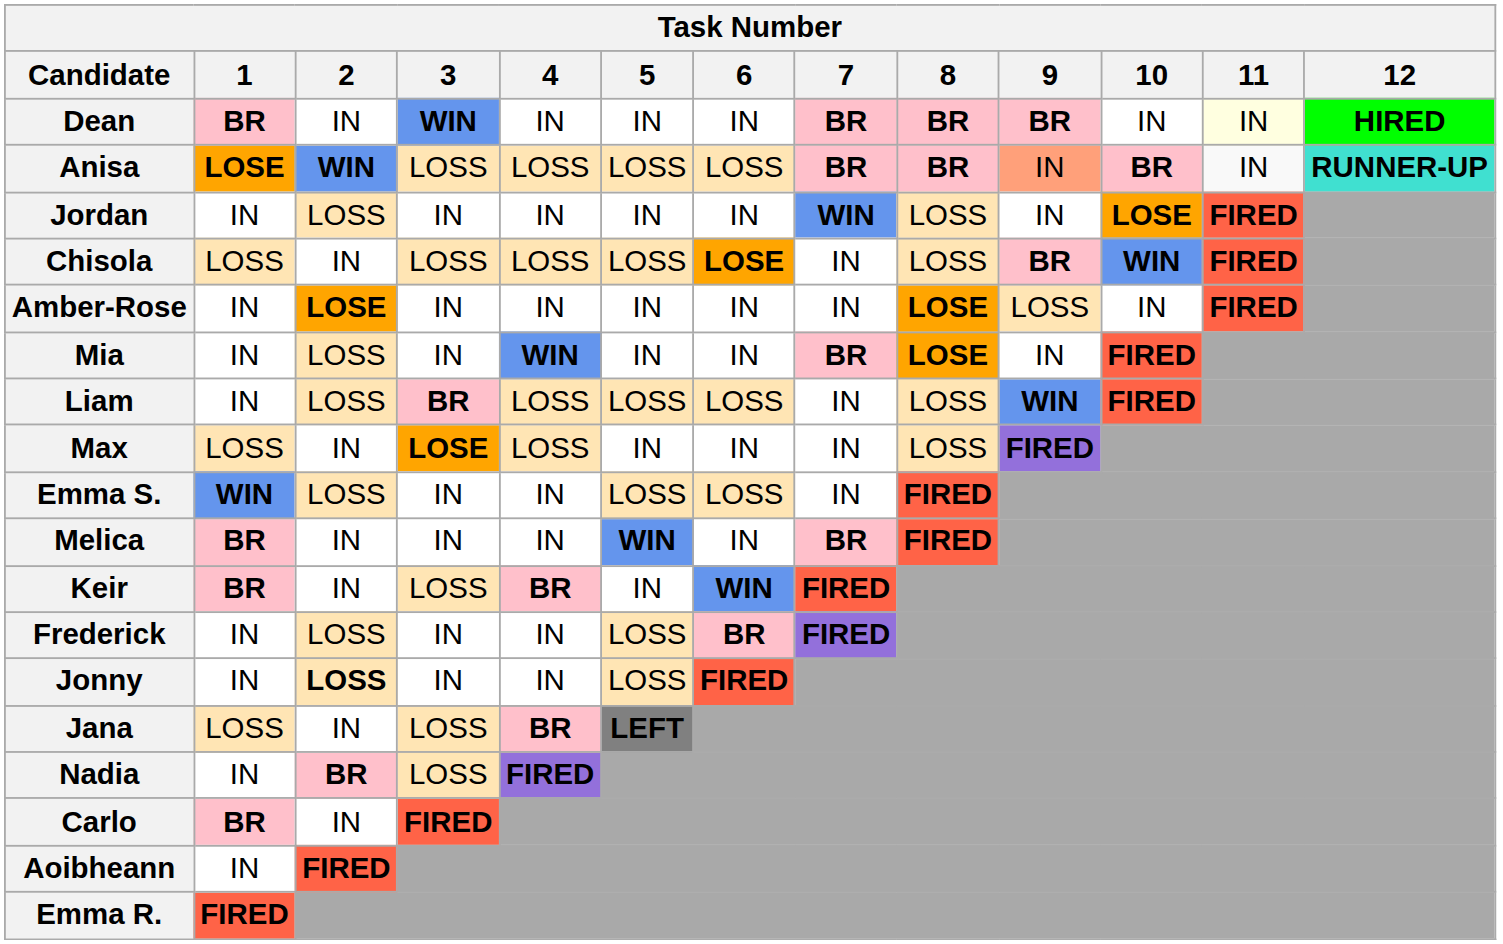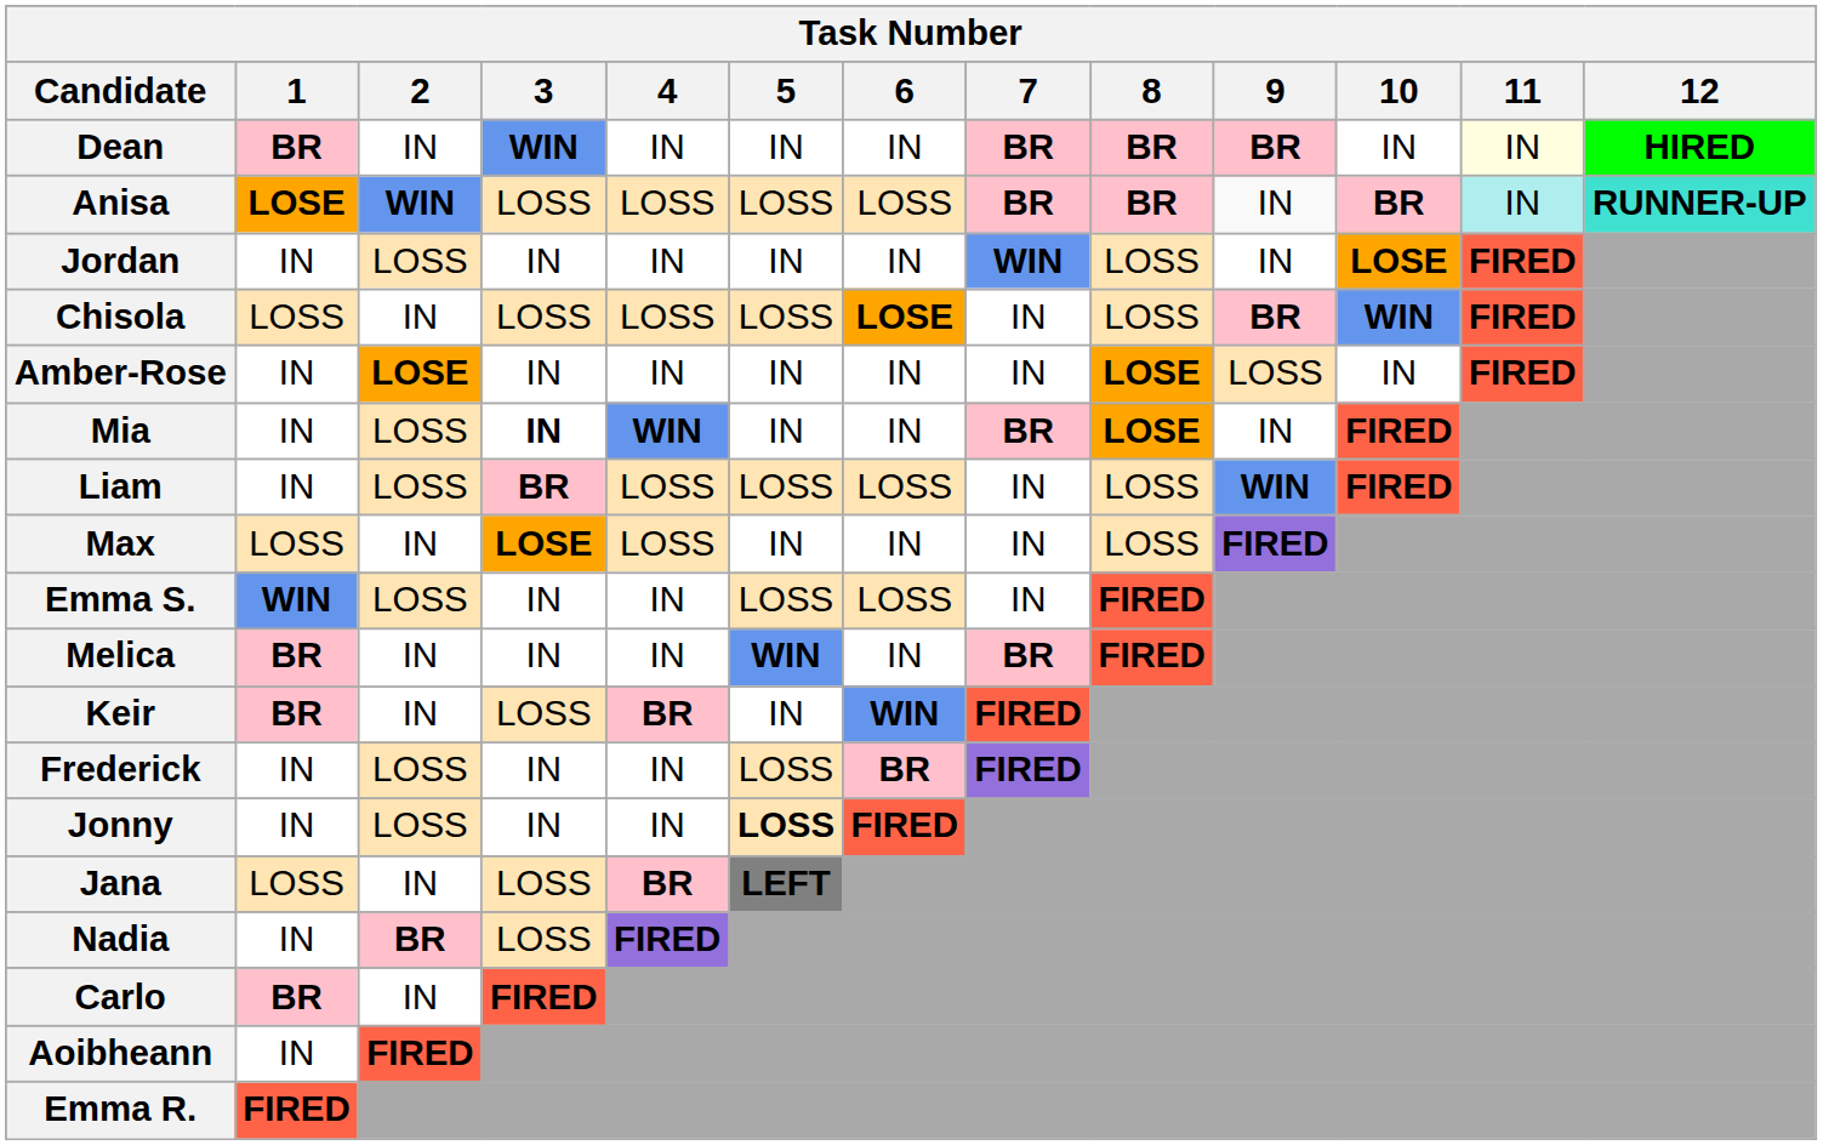 <table class="wikitable" style="text-align:center">
 <tr>
 <th colspan="13">Task Number</th>
 </tr>
 <tr>
 <th>Candidate</th>
 <th>1</th>
 <th>2</th>
 <th>3</th>
 <th>4</th>
 <th>5</th>
 <th>6</th>
 <th>7</th>
 <th>8</th>
 <th>9</th>
 <th>10</th>
 <th>11</th>
 <th>12</th>
 </tr>
 <tr>
 <th>Dean</th>
 <td style="background:pink;"><strong>BR</strong></td>
 <td style="background:white;">IN</td>
 <td style="background:cornflowerblue;"><strong>WIN</strong></td>
 <td style="background:white;">IN</td>
 <td style="background:white;">IN</td>
 <td style="background:white;">IN</td>
 <td style="background:pink;"><strong>BR</strong></td>
 <td style="background:pink;"><strong>BR</strong></td>
 <td style="background:pink;"><strong>BR</strong></td>
 <td style="background:white;">IN</td>
 <td style="background: lightyellow;">IN</td>
 <td style="background:lime;"><strong>HIRED</strong></td>
 </tr>
 <tr>
 <th>Anisa</th>
 <td style="background:orange;"><strong>LOSE</strong></td>
 <td style="background:cornflowerblue;"><strong>WIN</strong></td>
 <td style="background:#FFE5B4;">LOSS</td>
 <td style="background:#FFE5B4;">LOSS</td>
 <td style="background:#FFE5B4;">LOSS</td>
 <td style="background:#FFE5B4;">LOSS</td>
 <td style="background:pink;"><strong>BR</strong></td>
 <td style="background:pink;"><strong>BR</strong></td>
-<td style="background: lightsalmon;">IN</td>
+<td>IN</td>
 <td style="background:pink;"><strong>BR</strong></td>
-<td>IN</td>
+<td style="background: paleturquoise;">IN</td>
 <td style="background:turquoise;"><strong>RUNNER-UP</strong></td>
 </tr>
 <tr>
 <th>Jordan</th>
 <td style="background:white;">IN</td>
 <td style="background:#FFE5B4;">LOSS</td>
 <td style="background:white;">IN</td>
 <td style="background:white;">IN</td>
 <td style="background:white;">IN</td>
 <td style="background:white;">IN</td>
 <td style="background:cornflowerblue;"><strong>WIN</strong></td>
 <td style="background:#FFE5B4;">LOSS</td>
 <td style="background:white;">IN</td>
 <td style="background:orange;"><strong>LOSE</strong></td>
 <td style="background:tomato;"><strong>FIRED</strong></td>
 <td colspan="1" style="background:darkgrey;"></td>
 </tr>
 <tr>
 <th>Chisola</th>
 <td style="background:#FFE5B4;">LOSS</td>
 <td style="background:white;">IN</td>
 <td style="background:#FFE5B4;">LOSS</td>
 <td style="background:#FFE5B4;">LOSS</td>
 <td style="background:#FFE5B4;">LOSS</td>
 <td style="background:orange;"><strong>LOSE</strong></td>
 <td style="background:white;">IN</td>
 <td style="background:#FFE5B4;">LOSS</td>
 <td style="background:pink;"><strong>BR</strong></td>
 <td style="background:cornflowerblue;"><strong>WIN</strong></td>
 <td style="background:tomato;"><strong>FIRED</strong></td>
 <td colspan="1" style="background:darkgrey;"></td>
 </tr>
 <tr>
 <th>Amber-Rose</th>
 <td style="background:white;">IN</td>
 <td style="background:orange;"><strong>LOSE</strong></td>
 <td style="background:white;">IN</td>
 <td style="background:white;">IN</td>
 <td style="background:white;">IN</td>
 <td style="background:white;">IN</td>
 <td style="background:white;">IN</td>
 <td style="background:orange;"><strong>LOSE</strong></td>
 <td style="background:#FFE5B4;">LOSS</td>
 <td style="background:white;">IN</td>
 <td style="background:tomato;"><strong>FIRED</strong></td>
 <td colspan="1" style="background:darkgrey;"></td>
 </tr>
 <tr>
 <th>Mia</th>
 <td style="background:white;">IN</td>
 <td style="background:#FFE5B4;">LOSS</td>
-<td style="background:white;">IN</td>
+<td style="background:white;"><strong>IN</strong></td>
 <td style="background:cornflowerblue;"><strong>WIN</strong></td>
 <td style="background:white;">IN</td>
 <td style="background:white;">IN</td>
 <td style="background:pink;"><strong>BR</strong></td>
 <td style="background:orange;"><strong>LOSE</strong></td>
 <td style="background:white;">IN</td>
 <td style="background:tomato;"><strong>FIRED</strong></td>
 <td colspan="4" style="background:darkgrey;"></td>
 </tr>
 <tr>
 <th>Liam</th>
 <td style="background:white;">IN</td>
 <td style="background:#FFE5B4;">LOSS</td>
 <td style="background:pink;"><strong>BR</strong></td>
 <td style="background:#FFE5B4;">LOSS</td>
 <td style="background:#FFE5B4;">LOSS</td>
 <td style="background:#FFE5B4;">LOSS</td>
 <td style="background:white;">IN</td>
 <td style="background:#FFE5B4;">LOSS</td>
 <td style="background:cornflowerblue;"><strong>WIN</strong></td>
 <td style="background:tomato;"><strong>FIRED</strong></td>
 <td colspan="4" style="background:darkgrey;"></td>
 </tr>
 <tr>
 <th>Max</th>
 <td style="background:#FFE5B4;">LOSS</td>
 <td style="background:white;">IN</td>
 <td style="background:orange;"><strong>LOSE</strong></td>
 <td style="background:#FFE5B4;">LOSS</td>
 <td style="background:white;">IN</td>
 <td style="background:white;">IN</td>
 <td style="background:white;">IN</td>
 <td style="background:#FFE5B4;">LOSS</td>
 <td style="background:#9370DB;"><strong>FIRED</strong></td>
 <td colspan="5" style="background:darkgrey;"></td>
 </tr>
 <tr>
 <th>Emma S.</th>
 <td style="background:cornflowerblue;"><strong>WIN</strong></td>
 <td style="background:#FFE5B4;">LOSS</td>
 <td style="background:white;">IN</td>
 <td style="background:white;">IN</td>
 <td style="background:#FFE5B4;">LOSS</td>
 <td style="background:#FFE5B4;">LOSS</td>
 <td style="background:white;">IN</td>
 <td style="background:tomato;"><strong>FIRED</strong></td>
 <td colspan="6" style="background:darkgrey;"></td>
 </tr>
 <tr>
 <th>Melica</th>
 <td style="background:pink;"><strong>BR</strong></td>
 <td style="background:white;">IN</td>
 <td style="background:white;">IN</td>
 <td style="background:white;">IN</td>
 <td style="background:cornflowerblue;"><strong>WIN</strong></td>
 <td style="background:white;">IN</td>
 <td style="background:pink;"><strong>BR</strong></td>
 <td style="background:tomato;"><strong>FIRED</strong></td>
 <td colspan="6" style="background:darkgrey;"></td>
 </tr>
 <tr>
 <th>Keir</th>
 <td style="background:pink;"><strong>BR</strong></td>
 <td style="background:white;">IN</td>
 <td style="background:#FFE5B4;">LOSS</td>
 <td style="background:pink;"><strong>BR</strong></td>
 <td style="background:white;">IN</td>
 <td style="background:cornflowerblue;"><strong>WIN</strong></td>
 <td style="background:tomato;"><strong>FIRED</strong></td>
 <td colspan="6" style="background:darkgrey;"></td>
 </tr>
 <tr>
 <th>Frederick</th>
 <td style="background:white;">IN</td>
 <td style="background:#FFE5B4;">LOSS</td>
 <td style="background:white;">IN</td>
 <td style="background:white;">IN</td>
 <td style="background:#FFE5B4;">LOSS</td>
 <td style="background:pink;"><strong>BR</strong></td>
 <td style="background:#9370DB;"><strong>FIRED</strong></td>
 <td colspan="6" style="background:darkgrey;"></td>
 </tr>
 <tr>
 <th>Jonny</th>
 <td style="background:white;">IN</td>
-<td style="background:#FFE5B4;"><strong>LOSS</strong></td>
+<td style="background:#FFE5B4;">LOSS</td>
 <td style="background:white;">IN</td>
 <td style="background:white;">IN</td>
-<td style="background:#FFE5B4;">LOSS</td>
+<td style="background:#FFE5B4;"><strong>LOSS</strong></td>
 <td style="background:tomato;"><strong>FIRED</strong></td>
 <td colspan="6" style="background:darkgrey;"></td>
 </tr>
 <tr>
 <th>Jana</th>
 <td style="background:#FFE5B4;">LOSS</td>
 <td style="background:white;">IN</td>
 <td style="background:#FFE5B4;">LOSS</td>
 <td style="background:pink;"><strong>BR</strong></td>
 <td style="background:grey;"><strong>LEFT</strong></td>
 <td colspan="7" style="background:darkgrey;"></td>
 </tr>
 <tr>
 <th>Nadia</th>
 <td style="background:white;">IN</td>
 <td style="background:pink;"><strong>BR</strong></td>
 <td style="background:#FFE5B4;">LOSS</td>
 <td style="background:#9370DB;"><strong>FIRED</strong></td>
 <td colspan="8" style="background:darkgrey;"></td>
 </tr>
 <tr>
 <th>Carlo</th>
 <td style="background:pink;"><strong>BR</strong></td>
 <td style="background:white;">IN</td>
 <td style="background:tomato;"><strong>FIRED</strong></td>
 <td colspan="9" style="background:darkgrey;"></td>
 </tr>
 <tr>
 <th>Aoibheann</th>
 <td style="background:white;">IN</td>
 <td style="background:tomato;"><strong>FIRED</strong></td>
 <td colspan="10" style="background:darkgrey;"></td>
 </tr>
 <tr>
 <th>Emma R.</th>
 <td style="background:tomato;"><strong>FIRED</strong></td>
 <td colspan="11" style="background:darkgrey;"></td>
 </tr>
 <tr>
 </tr>
 </table>
